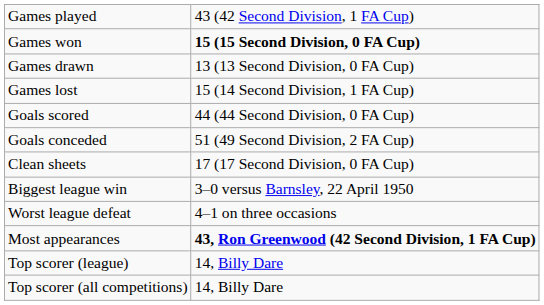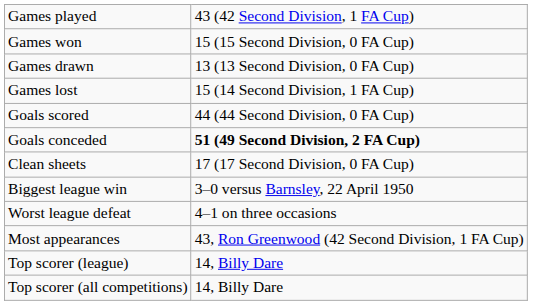 <table class="wikitable">
 <tr>
 <td>Games played</td>
 <td>43 (42 <a href='#'>Second Division</a>, 1 <a href='#'>FA Cup</a>)</td>
 </tr>
 <tr>
 <td>Games won</td>
-<td><strong>15 (15 Second Division, 0 FA Cup)</strong></td>
+<td>15 (15 Second Division, 0 FA Cup)</td>
 </tr>
 <tr>
 <td>Games drawn</td>
 <td>13 (13 Second Division, 0 FA Cup)</td>
 </tr>
 <tr>
 <td>Games lost</td>
 <td>15 (14 Second Division, 1 FA Cup)</td>
 </tr>
 <tr>
 <td>Goals scored</td>
 <td>44 (44 Second Division, 0 FA Cup)</td>
 </tr>
 <tr>
 <td>Goals conceded</td>
-<td>51 (49 Second Division, 2 FA Cup)</td>
+<td><strong>51 (49 Second Division, 2 FA Cup)</strong></td>
 </tr>
 <tr>
 <td>Clean sheets</td>
 <td>17 (17 Second Division, 0 FA Cup)</td>
 </tr>
 <tr>
 <td>Biggest league win</td>
 <td>3–0 versus <a href='#'>Barnsley</a>, 22 April 1950</td>
 </tr>
 <tr>
 <td>Worst league defeat</td>
 <td>4–1 on three occasions</td>
 </tr>
 <tr>
 <td>Most appearances</td>
-<td><strong>43, <a href='#'>Ron Greenwood</a> (42 Second Division, 1 FA Cup)</strong></td>
+<td>43, <a href='#'>Ron Greenwood</a> (42 Second Division, 1 FA Cup)</td>
 </tr>
 <tr>
 <td>Top scorer (league)</td>
 <td>14, <a href='#'>Billy Dare</a></td>
 </tr>
 <tr>
 <td>Top scorer (all competitions)</td>
 <td>14, Billy Dare</td>
 </tr>
 </table>
